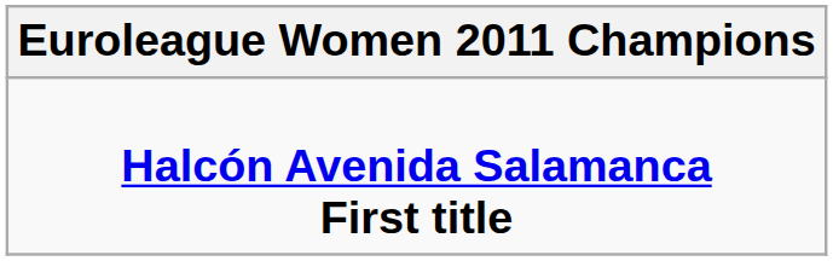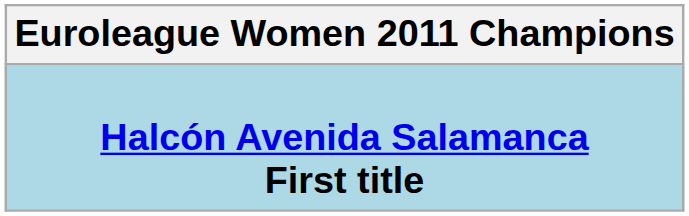 <table class=wikitable style="text-align:center; margin:auto">
 <tr>
 <th>Euroleague Women 2011 Champions</th>
 </tr>
 <tr>
-<td><br> <strong><a href='#'>Halcón Avenida Salamanca</a></strong> <br> <strong>First title</strong></td>
+<td style="background: lightblue;"><br> <strong><a href='#'>Halcón Avenida Salamanca</a></strong> <br> <strong>First title</strong></td>
 </tr>
 </table>
